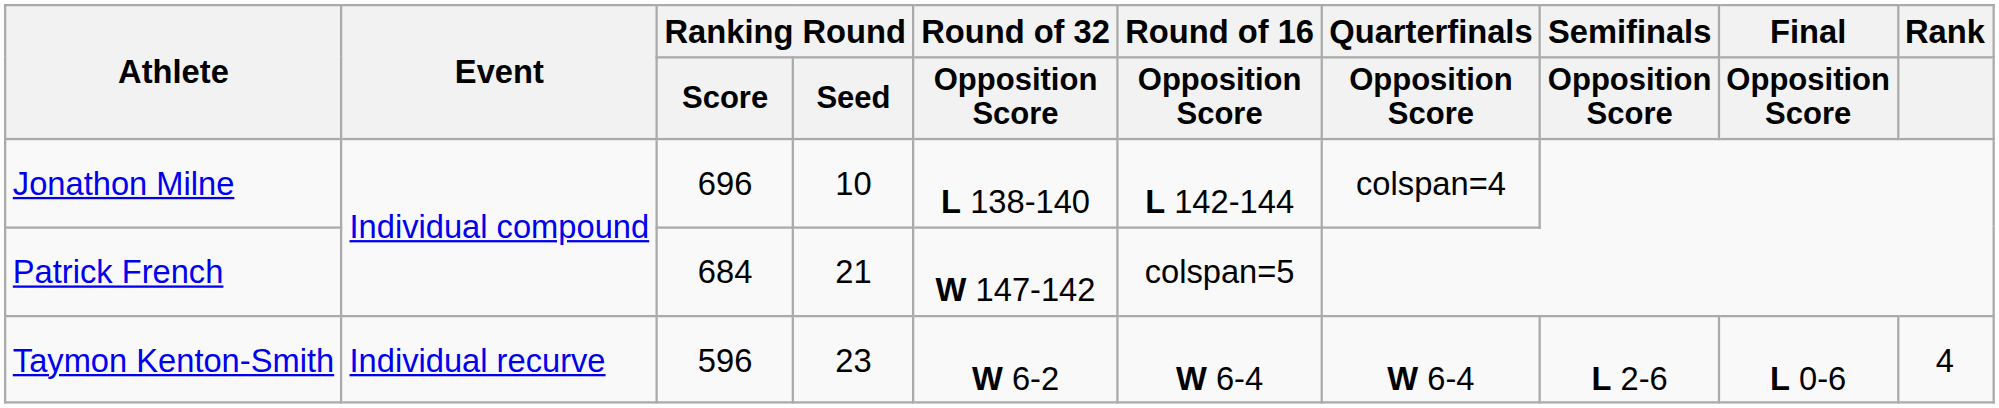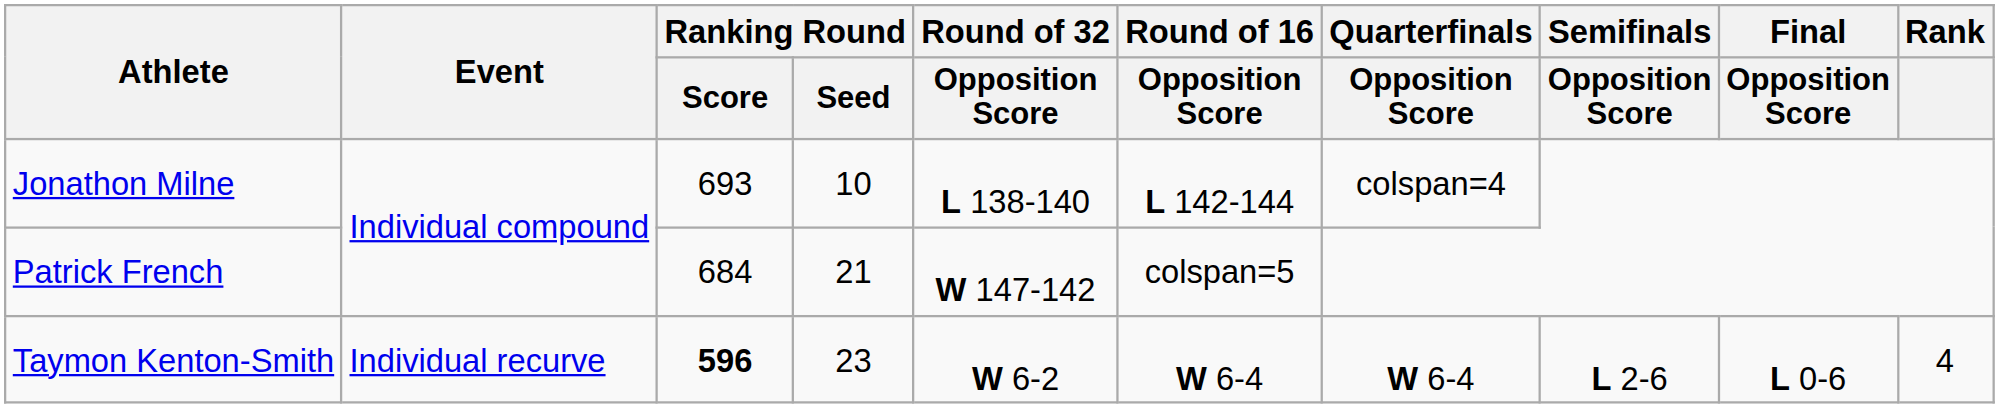 <table class="wikitable" style="text-align: center; font-size:90%">
 <tr>
 <th rowspan="2">Athlete</th>
 <th rowspan="2">Event</th>
 <th colspan="2">Ranking Round</th>
 <th>Round of 32</th>
 <th>Round of 16</th>
 <th>Quarterfinals</th>
 <th>Semifinals</th>
 <th>Final</th>
 <th>Rank</th>
 </tr>
 <tr style="font-size:95%">
 <th>Score</th>
 <th>Seed</th>
 <th>Opposition<br>Score</th>
 <th>Opposition<br>Score</th>
 <th>Opposition<br>Score</th>
 <th>Opposition<br>Score</th>
 <th>Opposition<br>Score</th>
 <th></th>
 </tr>
 <tr>
 <td align=left><a href='#'>Jonathon Milne</a></td>
 <td align=left rowspan=2><a href='#'>Individual compound</a></td>
-<td>696</td>
+<td>693</td>
 <td>10</td>
 <td><br><strong>L</strong> 138-140</td>
 <td><br><strong>L</strong> 142-144</td>
 <td>colspan=4 </td>
 </tr>
 <tr>
 <td align=left><a href='#'>Patrick French</a></td>
 <td>684</td>
 <td>21</td>
 <td><br><strong>W</strong> 147-142</td>
 <td>colspan=5 </td>
 </tr>
 <tr>
 <td align=left><a href='#'>Taymon Kenton-Smith</a></td>
 <td align=left><a href='#'>Individual recurve</a></td>
-<td>596</td>
+<td><strong>596</strong></td>
 <td>23</td>
 <td><br><strong>W</strong> 6-2</td>
 <td><br><strong>W</strong> 6-4</td>
 <td><br><strong>W</strong> 6-4</td>
 <td><br><strong>L</strong> 2-6</td>
 <td><br><strong>L</strong> 0-6</td>
 <td>4</td>
 </tr>
 </table>
